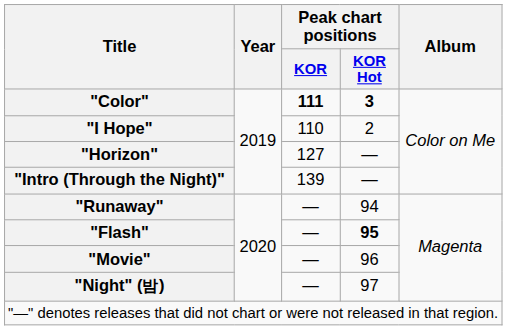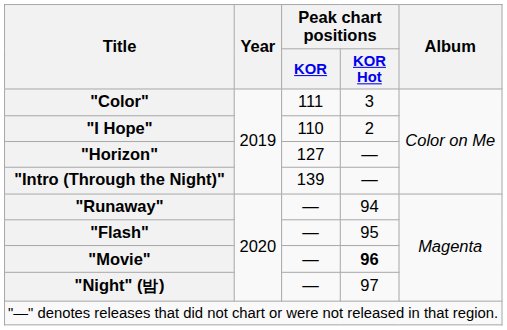 <table class="wikitable plainrowheaders" style="text-align:center;" border="1">
 <tr>
 <th scope="col" rowspan="2">Title</th>
 <th scope="col" rowspan="2">Year</th>
 <th scope="col" colspan="2">Peak chart positions</th>
 <th scope="col" rowspan="2">Album</th>
 </tr>
 <tr>
 <th scope="col" style="width:3.5em;font-size:90%;"><a href='#'>KOR</a><br></th>
 <th scope="col" style="width:3.5em;font-size:90%;"><a href='#'>KOR<br>Hot</a><br></th>
 </tr>
 <tr>
 <th scope="row">"Color"</th>
 <td rowspan="4">2019</td>
-<td><strong>111</strong></td>
-<td><strong>3</strong></td>
+<td>111</td>
+<td>3</td>
 <td rowspan="4"><em>Color on Me</em></td>
 </tr>
 <tr>
 <th scope="row">"I Hope"</th>
 <td>110</td>
 <td>2</td>
 </tr>
 <tr>
 <th scope="row">"Horizon"</th>
 <td>127</td>
 <td>—</td>
 </tr>
 <tr>
 <th scope="row">"Intro (Through the Night)"</th>
 <td>139</td>
 <td>—</td>
 </tr>
 <tr>
 <th scope="row">"Runaway"<br></th>
 <td rowspan="4">2020</td>
 <td>—</td>
 <td>94</td>
 <td rowspan="4"><em>Magenta</em></td>
 </tr>
 <tr>
 <th scope="row">"Flash"</th>
 <td>—</td>
-<td><strong>95</strong></td>
+<td>95</td>
 </tr>
 <tr>
 <th scope="row">"Movie"<br></th>
 <td>—</td>
-<td>96</td>
+<td><strong>96</strong></td>
 </tr>
 <tr>
 <th scope="row">"Night" (밤)</th>
 <td>—</td>
 <td>97</td>
 </tr>
 <tr>
 <td colspan="5" style="font-size:90%" align="center">"—" denotes releases that did not chart or were not released in that region.</td>
 </tr>
 </table>
